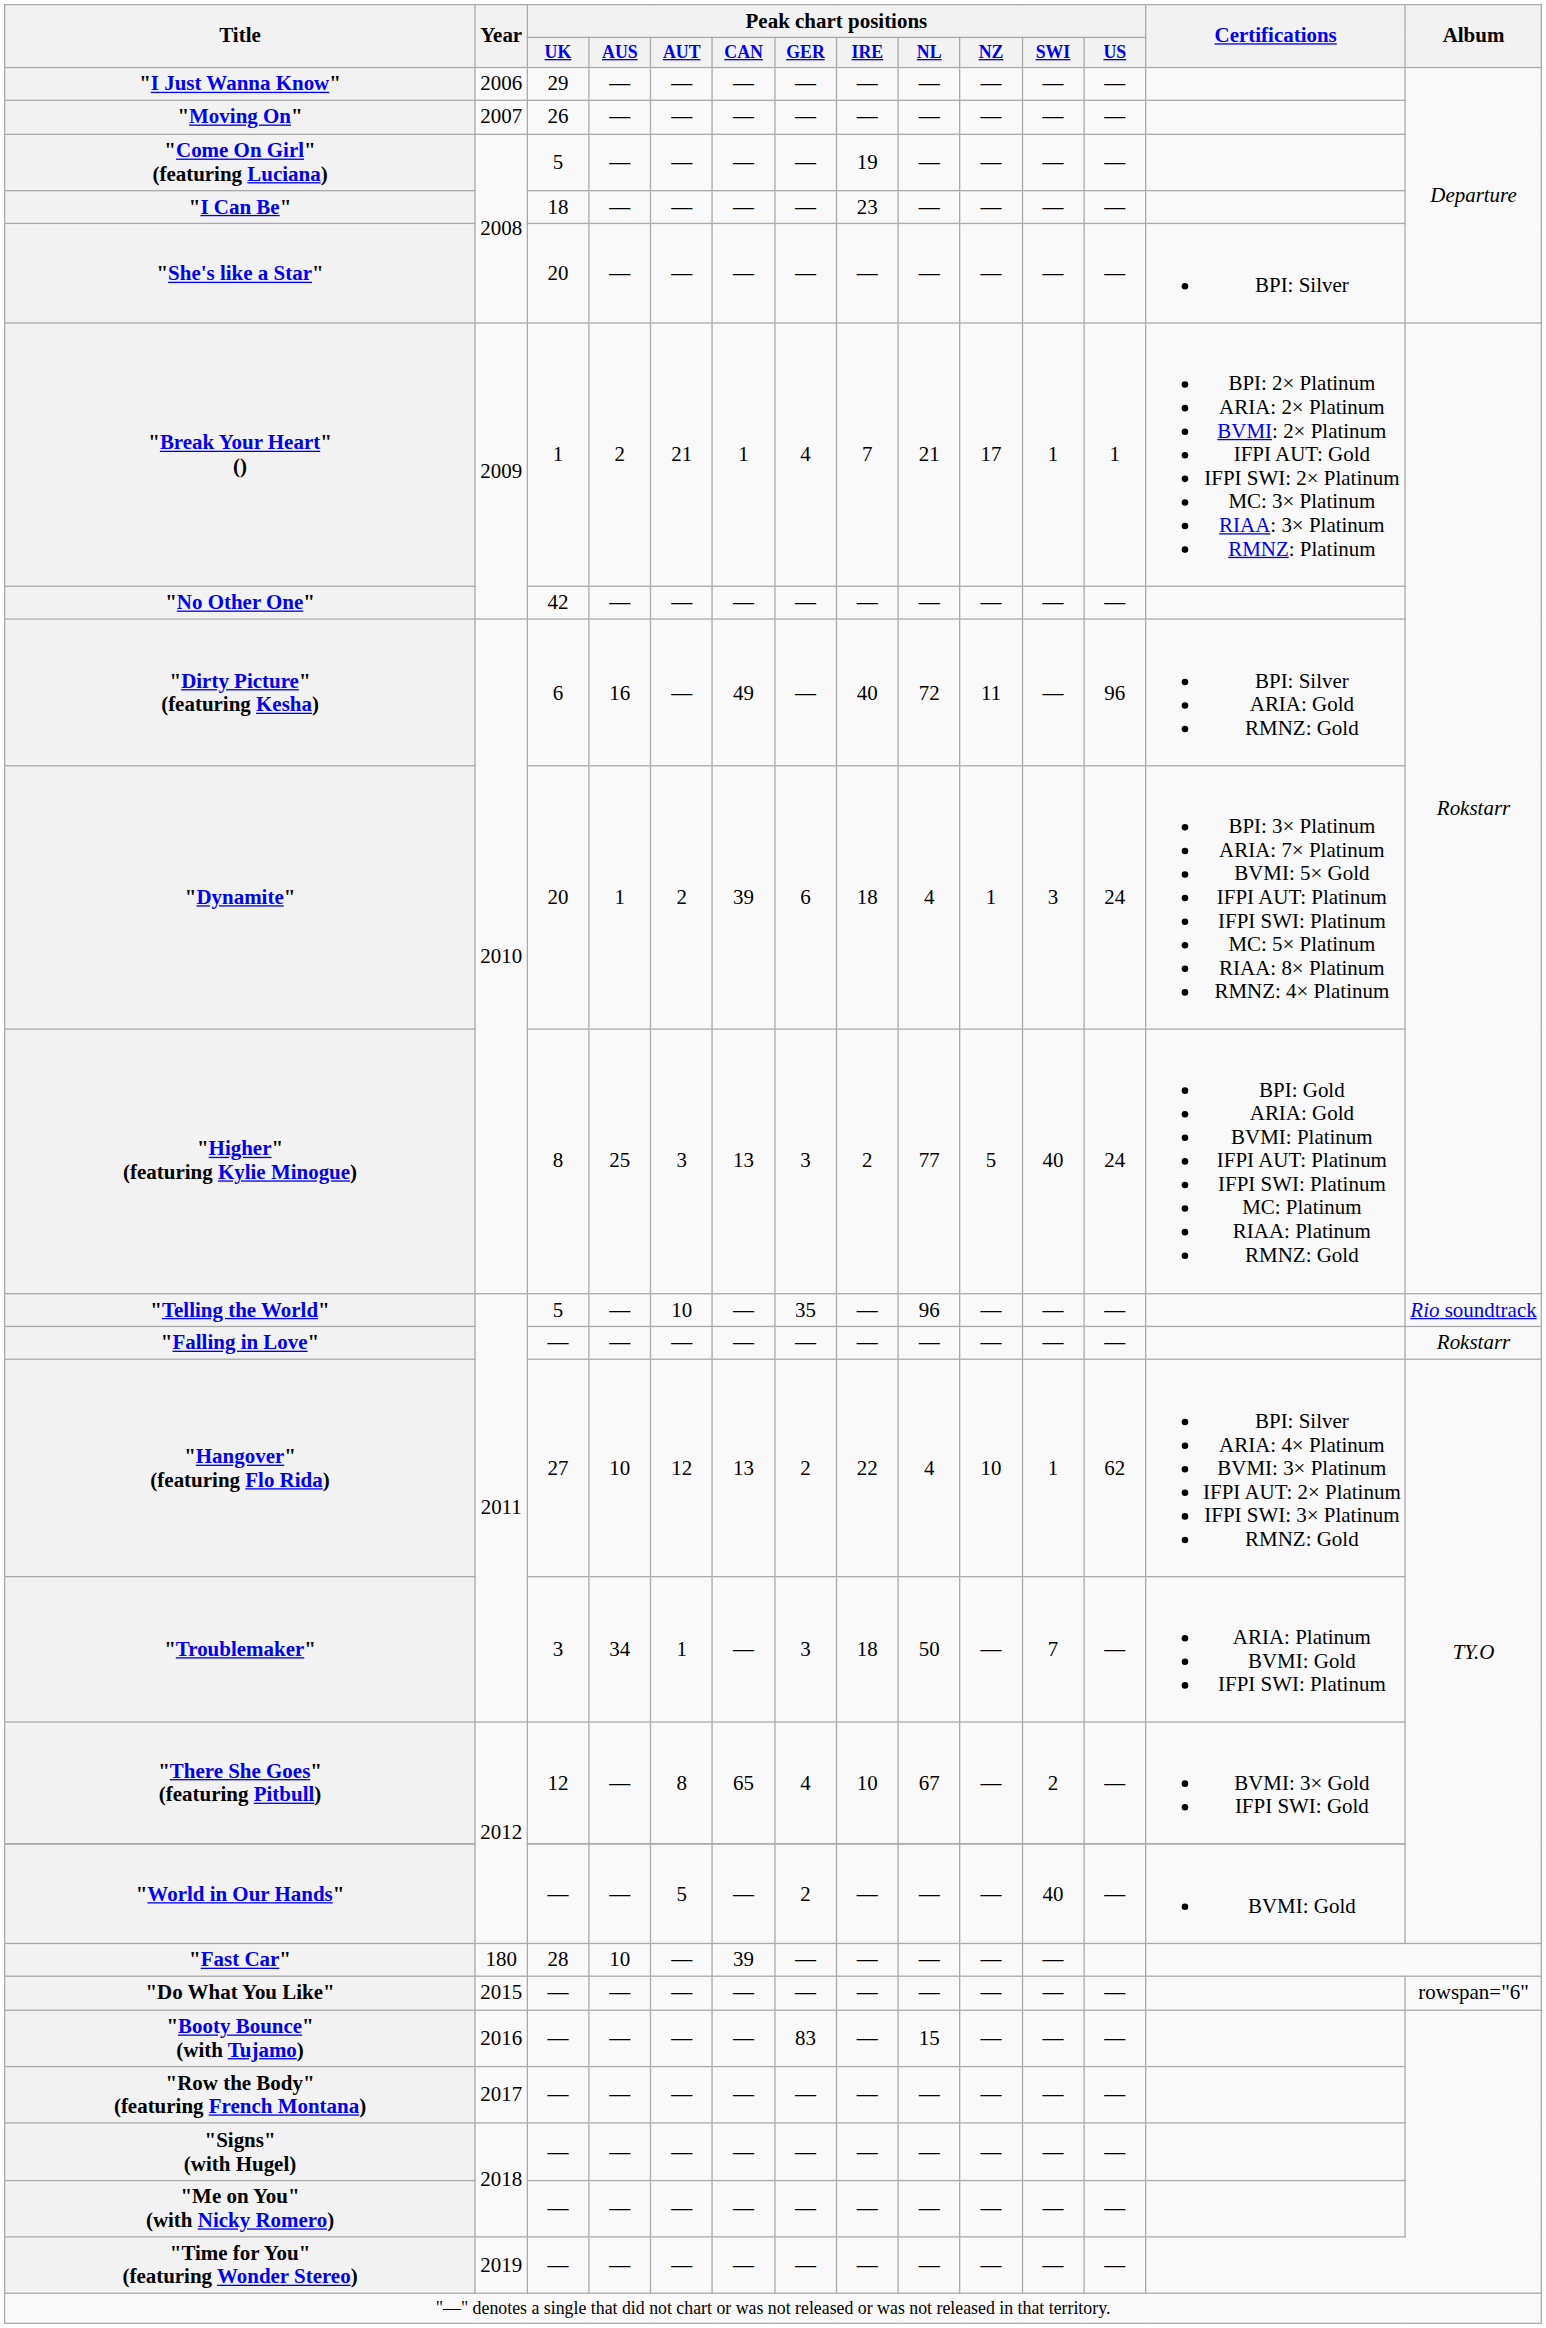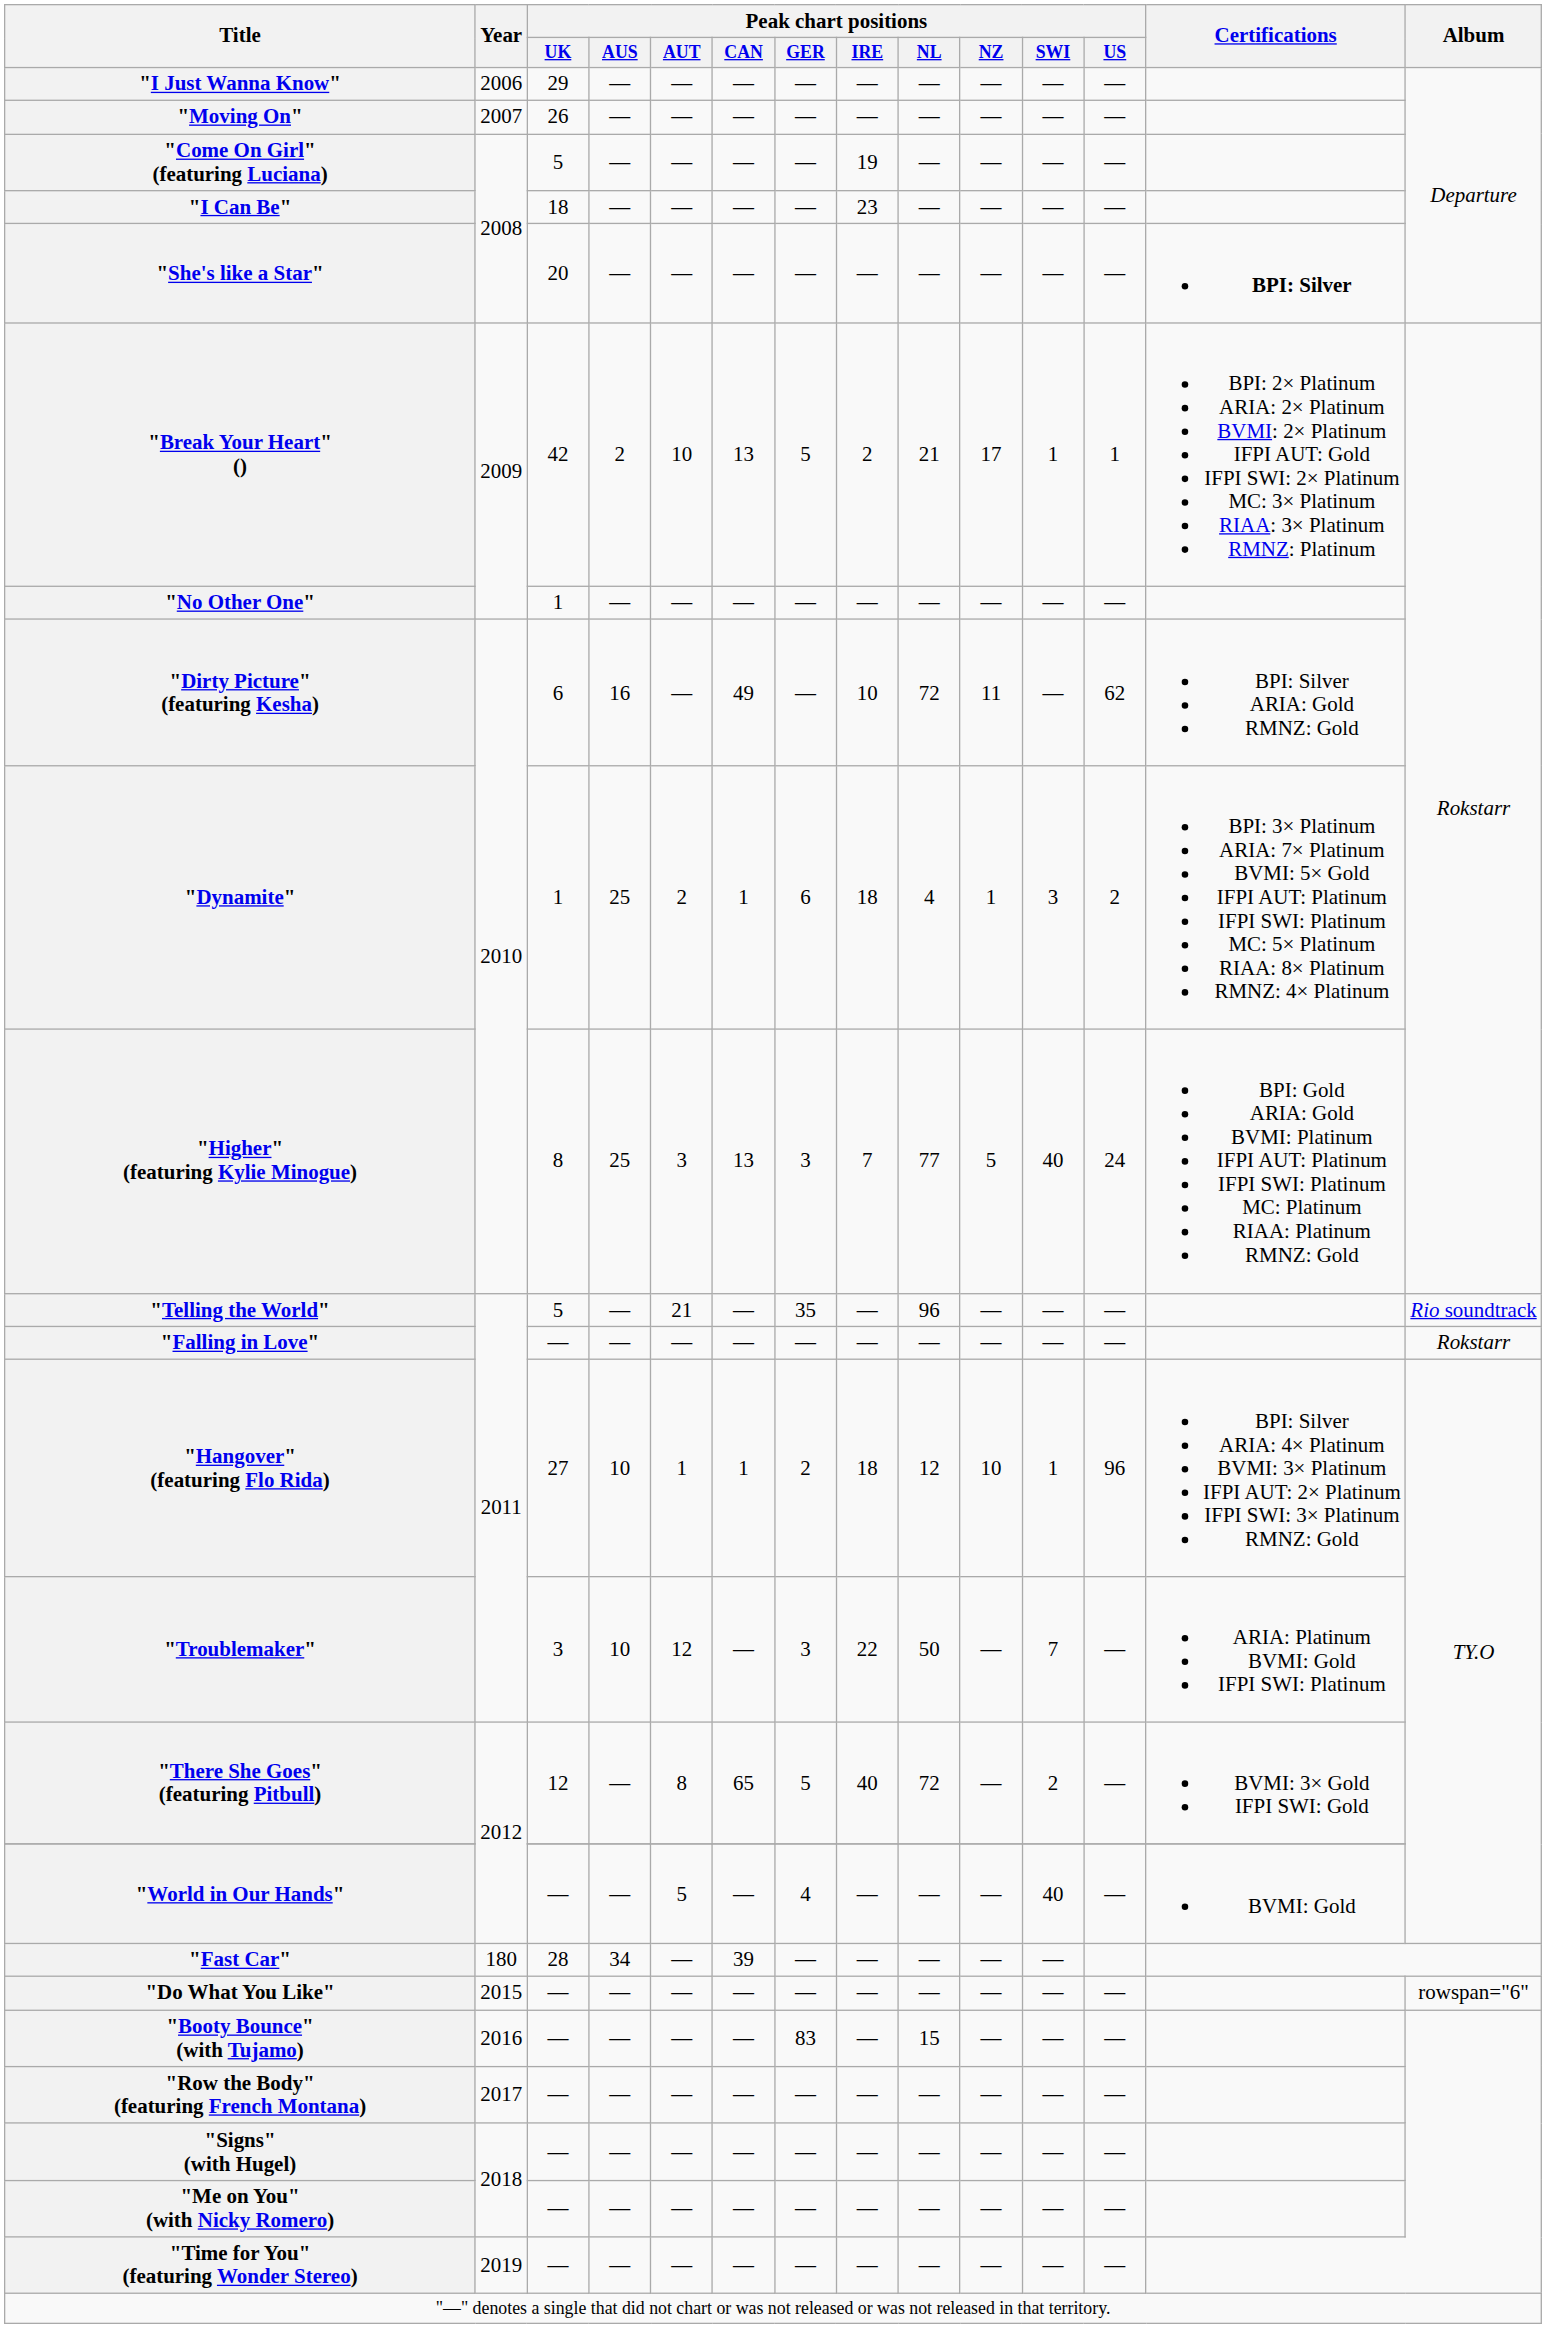 <table class="wikitable plainrowheaders" style="text-align:center;">
 <tr>
 <th scope="col" rowspan="2" style="width:22em;">Title</th>
 <th scope="col" rowspan="2" style="width:1em;">Year</th>
 <th scope="col" colspan="10">Peak chart positions</th>
 <th scope="col" rowspan="2"><a href='#'>Certifications</a></th>
 <th scope="col" rowspan="2">Album</th>
 </tr>
 <tr>
 <th scope="col" style="width:3em;font-size:85%;"><a href='#'>UK</a><br></th>
 <th scope="col" style="width:3em;font-size:85%;"><a href='#'>AUS</a><br></th>
 <th scope="col" style="width:3em;font-size:85%;"><a href='#'>AUT</a><br></th>
 <th scope="col" style="width:3em;font-size:85%;"><a href='#'>CAN</a><br></th>
 <th scope="col" style="width:3em;font-size:85%;"><a href='#'>GER</a><br></th>
 <th scope="col" style="width:3em;font-size:85%;"><a href='#'>IRE</a><br></th>
 <th scope="col" style="width:3em;font-size:85%;"><a href='#'>NL</a><br></th>
 <th scope="col" style="width:3em;font-size:85%;"><a href='#'>NZ</a><br></th>
 <th scope="col" style="width:3em;font-size:85%;"><a href='#'>SWI</a><br></th>
 <th scope="col" style="width:3em;font-size:85%;"><a href='#'>US</a><br></th>
 </tr>
 <tr>
 <th scope="row">"<a href='#'>I Just Wanna Know</a>"</th>
 <td>2006</td>
 <td>29</td>
 <td>—</td>
 <td>—</td>
 <td>—</td>
 <td>—</td>
 <td>—</td>
 <td>—</td>
 <td>—</td>
 <td>—</td>
 <td>—</td>
 <td></td>
 <td rowspan="5"><em>Departure</em></td>
 </tr>
 <tr>
 <th scope="row">"<a href='#'>Moving On</a>"</th>
 <td>2007</td>
 <td>26</td>
 <td>—</td>
 <td>—</td>
 <td>—</td>
 <td>—</td>
 <td>—</td>
 <td>—</td>
 <td>—</td>
 <td>—</td>
 <td>—</td>
 <td></td>
 </tr>
 <tr>
 <th scope="row">"<a href='#'>Come On Girl</a>"<br><span>(featuring <a href='#'>Luciana</a>)</span></th>
 <td rowspan="3">2008</td>
 <td>5</td>
 <td>—</td>
 <td>—</td>
 <td>—</td>
 <td>—</td>
 <td>19</td>
 <td>—</td>
 <td>—</td>
 <td>—</td>
 <td>—</td>
 <td></td>
 </tr>
 <tr>
 <th scope="row">"<a href='#'>I Can Be</a>"</th>
 <td>18</td>
 <td>—</td>
 <td>—</td>
 <td>—</td>
 <td>—</td>
 <td>23</td>
 <td>—</td>
 <td>—</td>
 <td>—</td>
 <td>—</td>
 <td></td>
 </tr>
 <tr>
 <th scope="row">"<a href='#'>She's like a Star</a>"</th>
 <td>20</td>
 <td>—</td>
 <td>—</td>
 <td>—</td>
 <td>—</td>
 <td>—</td>
 <td>—</td>
 <td>—</td>
 <td>—</td>
 <td>—</td>
-<td><br><ul><li>BPI: Silver</li></ul></td>
+<td><strong><br><ul><li>BPI: Silver</li></ul></strong></td>
 </tr>
 <tr>
 <th scope="row">"<a href='#'>Break Your Heart</a>"<br><span>()</span></th>
 <td rowspan="2">2009</td>
-<td>1</td>
+<td>42</td>
 <td>2</td>
-<td>21</td>
-<td>1</td>
-<td>4</td>
-<td>7</td>
+<td>10</td>
+<td>13</td>
+<td>5</td>
+<td>2</td>
 <td>21</td>
 <td>17</td>
 <td>1</td>
 <td>1</td>
 <td><br><ul><li>BPI: 2× Platinum</li><li>ARIA: 2× Platinum</li><li><a href='#'>BVMI</a>: 2× Platinum</li><li>IFPI AUT: Gold</li><li>IFPI SWI: 2× Platinum</li><li>MC: 3× Platinum</li><li><a href='#'>RIAA</a>: 3× Platinum</li><li><a href='#'>RMNZ</a>: Platinum</li></ul></td>
 <td rowspan="5"><em>Rokstarr</em></td>
 </tr>
 <tr>
 <th scope="row">"<a href='#'>No Other One</a>"</th>
-<td>42</td>
+<td>1</td>
 <td>—</td>
 <td>—</td>
 <td>—</td>
 <td>—</td>
 <td>—</td>
 <td>—</td>
 <td>—</td>
 <td>—</td>
 <td>—</td>
 <td></td>
 </tr>
 <tr>
 <th scope="row">"<a href='#'>Dirty Picture</a>"<br><span>(featuring <a href='#'>Kesha</a>)</span></th>
 <td rowspan="3">2010</td>
 <td>6</td>
 <td>16</td>
 <td>—</td>
 <td>49</td>
 <td>—</td>
-<td>40</td>
+<td>10</td>
 <td>72</td>
 <td>11</td>
 <td>—</td>
-<td>96</td>
+<td>62</td>
 <td><br><ul><li>BPI: Silver</li><li>ARIA: Gold</li><li>RMNZ: Gold</li></ul></td>
 </tr>
 <tr>
 <th scope="row">"<a href='#'>Dynamite</a>"</th>
-<td>20</td>
 <td>1</td>
+<td>25</td>
 <td>2</td>
-<td>39</td>
+<td>1</td>
 <td>6</td>
 <td>18</td>
 <td>4</td>
 <td>1</td>
 <td>3</td>
-<td>24</td>
+<td>2</td>
 <td><br><ul><li>BPI: 3× Platinum</li><li>ARIA: 7× Platinum</li><li>BVMI: 5× Gold</li><li>IFPI AUT: Platinum</li><li>IFPI SWI: Platinum</li><li>MC: 5× Platinum</li><li>RIAA: 8× Platinum</li><li>RMNZ: 4× Platinum</li></ul></td>
 </tr>
 <tr>
 <th scope="row">"<a href='#'>Higher</a>"<br><span>(featuring <a href='#'>Kylie Minogue</a>)</span></th>
 <td>8</td>
 <td>25</td>
 <td>3</td>
 <td>13</td>
 <td>3</td>
-<td>2</td>
+<td>7</td>
 <td>77</td>
 <td>5</td>
 <td>40</td>
 <td>24</td>
 <td><br><ul><li>BPI: Gold</li><li>ARIA: Gold</li><li>BVMI: Platinum</li><li>IFPI AUT: Platinum</li><li>IFPI SWI: Platinum</li><li>MC: Platinum</li><li>RIAA: Platinum</li><li>RMNZ: Gold</li></ul></td>
 </tr>
 <tr>
 <th scope="row">"<a href='#'>Telling the World</a>"</th>
 <td rowspan="4">2011</td>
 <td>5</td>
 <td>—</td>
-<td>10</td>
+<td>21</td>
 <td>—</td>
 <td>35</td>
 <td>—</td>
 <td>96</td>
 <td>—</td>
 <td>—</td>
 <td>—</td>
 <td></td>
 <td><a href='#'><em>Rio</em> soundtrack</a></td>
 </tr>
 <tr>
 <th scope="row">"<a href='#'>Falling in Love</a>"</th>
 <td>—</td>
 <td>—</td>
 <td>—</td>
 <td>—</td>
 <td>—</td>
 <td>—</td>
 <td>—</td>
 <td>—</td>
 <td>—</td>
 <td>—</td>
 <td></td>
 <td><em>Rokstarr</em></td>
 </tr>
 <tr>
 <th scope="row">"<a href='#'>Hangover</a>"<br><span>(featuring <a href='#'>Flo Rida</a>)</span></th>
 <td>27</td>
 <td>10</td>
+<td>1</td>
+<td>1</td>
+<td>2</td>
+<td>18</td>
 <td>12</td>
-<td>13</td>
-<td>2</td>
-<td>22</td>
-<td>4</td>
 <td>10</td>
 <td>1</td>
-<td>62</td>
+<td>96</td>
 <td><br><ul><li>BPI: Silver</li><li>ARIA: 4× Platinum</li><li>BVMI: 3× Platinum</li><li>IFPI AUT: 2× Platinum</li><li>IFPI SWI: 3× Platinum</li><li>RMNZ: Gold</li></ul></td>
 <td rowspan="5"><em>TY.O</em></td>
 </tr>
 <tr>
 <th scope="row">"<a href='#'>Troublemaker</a>"</th>
 <td>3</td>
-<td>34</td>
-<td>1</td>
+<td>10</td>
+<td>12</td>
 <td>—</td>
 <td>3</td>
-<td>18</td>
+<td>22</td>
 <td>50</td>
 <td>—</td>
 <td>7</td>
 <td>—</td>
 <td><br><ul><li>ARIA: Platinum</li><li>BVMI: Gold</li><li>IFPI SWI: Platinum</li></ul></td>
 </tr>
 <tr>
 <th scope="row">"<a href='#'>There She Goes</a>"<br><span>(featuring <a href='#'>Pitbull</a>)</span></th>
 <td rowspan="3">2012</td>
 <td>12</td>
 <td>—</td>
 <td>8</td>
 <td>65</td>
-<td>4</td>
-<td>10</td>
-<td>67</td>
+<td>5</td>
+<td>40</td>
+<td>72</td>
 <td>—</td>
 <td>2</td>
 <td>—</td>
 <td><br><ul><li>BVMI: 3× Gold</li><li>IFPI SWI: Gold</li></ul></td>
 </tr>
 <tr>
 </tr>
 <tr>
 <th scope="row">"<a href='#'>World in Our Hands</a>"</th>
 <td>—</td>
 <td>—</td>
 <td>5</td>
 <td>—</td>
-<td>2</td>
+<td>4</td>
 <td>—</td>
 <td>—</td>
 <td>—</td>
 <td>40</td>
 <td>—</td>
 <td><br><ul><li>BVMI: Gold</li></ul></td>
 </tr>
 <tr>
 <th scope="row">"<a href='#'>Fast Car</a>"</th>
 <td>180</td>
 <td>28</td>
-<td>10</td>
+<td>34</td>
 <td>—</td>
 <td>39</td>
 <td>—</td>
 <td>—</td>
 <td>—</td>
 <td>—</td>
 <td>—</td>
 <td></td>
 </tr>
 <tr>
 <th scope="row">"Do What You Like"</th>
 <td>2015</td>
 <td>—</td>
 <td>—</td>
 <td>—</td>
 <td>—</td>
 <td>—</td>
 <td>—</td>
 <td>—</td>
 <td>—</td>
 <td>—</td>
 <td>—</td>
 <td></td>
 <td>rowspan="6" </td>
 </tr>
 <tr>
 <th scope="row">"<a href='#'>Booty Bounce</a>"<br><span>(with <a href='#'>Tujamo</a>)</span></th>
 <td>2016</td>
 <td>—</td>
 <td>—</td>
 <td>—</td>
 <td>—</td>
 <td>83</td>
 <td>—</td>
 <td>15</td>
 <td>—</td>
 <td>—</td>
 <td>—</td>
 <td></td>
 </tr>
 <tr>
 <th scope="row">"Row the Body"<br><span>(featuring <a href='#'>French Montana</a>)</span></th>
 <td>2017</td>
 <td>—</td>
 <td>—</td>
 <td>—</td>
 <td>—</td>
 <td>—</td>
 <td>—</td>
 <td>—</td>
 <td>—</td>
 <td>—</td>
 <td>—</td>
 <td></td>
 </tr>
 <tr>
 <th scope="row">"Signs" <br><span>(with Hugel)</span></th>
 <td rowspan="2">2018</td>
 <td>—</td>
 <td>—</td>
 <td>—</td>
 <td>—</td>
 <td>—</td>
 <td>—</td>
 <td>—</td>
 <td>—</td>
 <td>—</td>
 <td>—</td>
 <td></td>
 </tr>
 <tr>
 <th scope="row">"Me on You" <br><span>(with <a href='#'>Nicky Romero</a>)</span></th>
 <td>—</td>
 <td>—</td>
 <td>—</td>
 <td>—</td>
 <td>—</td>
 <td>—</td>
 <td>—</td>
 <td>—</td>
 <td>—</td>
 <td>—</td>
 <td></td>
 </tr>
 <tr>
 <th scope="row">"Time for You" <br><span>(featuring <a href='#'>Wonder Stereo</a>)</span></th>
 <td>2019</td>
 <td>—</td>
 <td>—</td>
 <td>—</td>
 <td>—</td>
 <td>—</td>
 <td>—</td>
 <td>—</td>
 <td>—</td>
 <td>—</td>
 <td>—</td>
 </tr>
 <tr>
 <td colspan="20" style="text-align:center; font-size:85%;">"—" denotes a single that did not chart or was not released or was not released in that territory.</td>
 </tr>
 </table>
